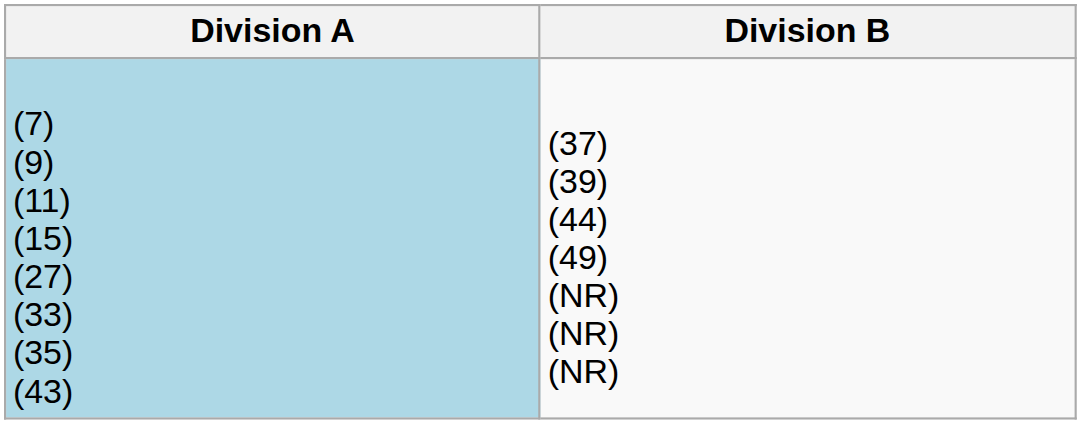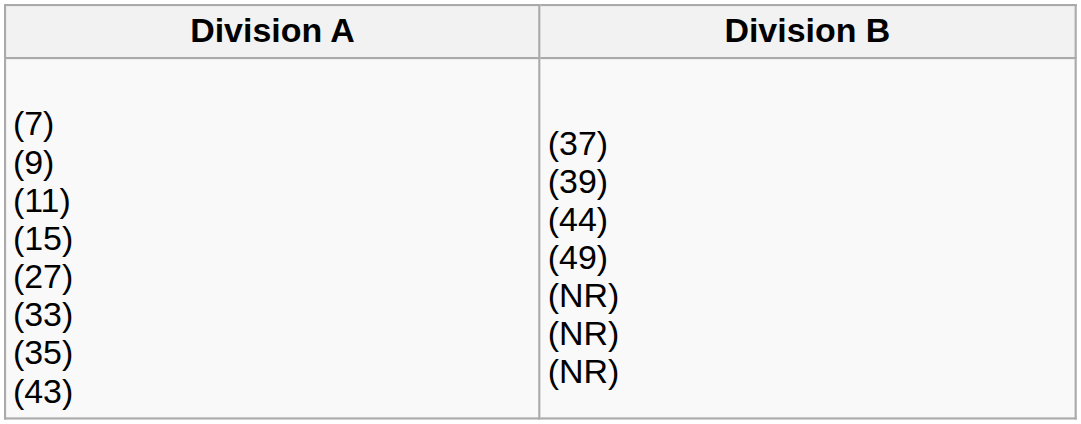 <table class="wikitable" width="40%">
 <tr>
 <th width="50%">Division A</th>
 <th width="50%">Division B</th>
 </tr>
 <tr>
-<td style="background: lightblue;"><br> (7)<br>  (9)<br>  (11)<br>  (15)<br>  (27)<br>  (33)<br>  (35)<br>  (43)<br></td>
+<td><br> (7)<br>  (9)<br>  (11)<br>  (15)<br>  (27)<br>  (33)<br>  (35)<br>  (43)<br></td>
 <td><br> (37)<br>  (39)<br>  (44)<br>  (49)<br>  (NR)<br>  (NR)<br>  (NR)</td>
 </tr>
 </table>
